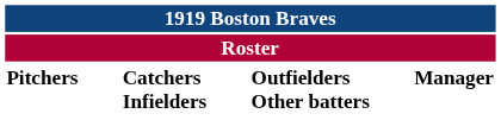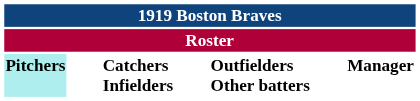 <table class="toccolours" style="font-size: 95%;">
 <tr>
 <th colspan="10" style="background-color: #0f437c; color: white; text-align: center;">1919 Boston Braves</th>
 </tr>
 <tr>
 <td colspan="10" style="background-color:#af0039; color: white; text-align: center;"><strong>Roster</strong></td>
 </tr>
 <tr>
-<td valign="top"><strong>Pitchers</strong><br>            </td>
+<td valign="top" style="background: paleturquoise;"><strong>Pitchers</strong><br>            </td>
 <td width="25px"></td>
 <td valign="top"><strong>Catchers</strong><br>     <strong>Infielders</strong>        </td>
 <td width="25px"></td>
 <td valign="top"><strong>Outfielders</strong><br>           <strong>Other batters</strong>  </td>
 <td width="25px"></td>
 <td valign="top"><strong>Manager</strong><br></td>
 </tr>
 </table>
